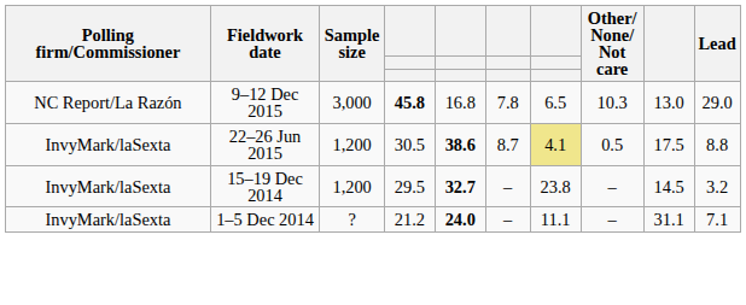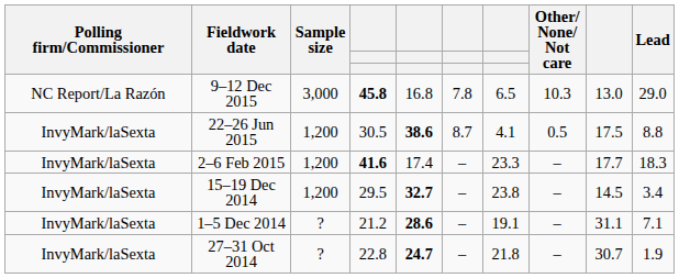 <table class="wikitable collapsible collapsed" style="text-align:center; font-size:90%; line-height:14px;">
 <tr style="height:42px;">
 <th style="width:250px;" rowspan="3">Polling firm/Commissioner</th>
 <th style="width:125px;" rowspan="3">Fieldwork date</th>
 <th style="width:50px;" rowspan="3">Sample size</th>
 <th style="width:55px;"></th>
 <th style="width:55px;"></th>
 <th style="width:55px;"></th>
 <th style="width:55px;"></th>
 <th style="width:55px;" rowspan="3">Other/<br>None/<br>Not<br>care</th>
 <th style="width:55px;" rowspan="3"></th>
 <th style="width:30px;" rowspan="3">Lead</th>
 </tr>
 <tr>
 <th style="color:inherit;background:"></th>
 <th style="color:inherit;background:"></th>
 <th style="color:inherit;background:"></th>
 <th style="color:inherit;background:"></th>
 </tr>
 <tr>
 <th></th>
 <th></th>
 <th></th>
 <th></th>
 </tr>
 <tr>
 <td>NC Report/La Razón</td>
 <td>9–12 Dec 2015</td>
 <td>3,000</td>
 <td><strong>45.8</strong></td>
 <td>16.8</td>
 <td>7.8</td>
 <td>6.5</td>
 <td>10.3</td>
 <td>13.0</td>
 <td style="background:">29.0</td>
 </tr>
 <tr>
 <td>InvyMark/laSexta</td>
 <td>22–26 Jun 2015</td>
 <td>1,200</td>
 <td>30.5</td>
 <td><strong>38.6</strong></td>
 <td>8.7</td>
-<td style="background: khaki;">4.1</td>
+<td>4.1</td>
 <td>0.5</td>
 <td>17.5</td>
 <td style="background:">8.8</td>
+</tr>
+<tr>
+<td>InvyMark/laSexta</td>
+<td>2–6 Feb 2015</td>
+<td>1,200</td>
+<td><strong>41.6</strong></td>
+<td>17.4</td>
+<td>–</td>
+<td>23.3</td>
+<td>–</td>
+<td>17.7</td>
+<td style="background:">18.3</td>
 </tr>
 <tr>
 <td>InvyMark/laSexta</td>
 <td>15–19 Dec 2014</td>
 <td>1,200</td>
 <td>29.5</td>
 <td><strong>32.7</strong></td>
 <td>–</td>
 <td>23.8</td>
 <td>–</td>
 <td>14.5</td>
-<td style="background:">3.2</td>
+<td style="background:">3.4</td>
 </tr>
 <tr>
 <td>InvyMark/laSexta</td>
 <td>1–5 Dec 2014</td>
 <td>?</td>
 <td>21.2</td>
-<td><strong>24.0</strong></td>
+<td><strong>28.6</strong></td>
 <td>–</td>
-<td>11.1</td>
+<td>19.1</td>
 <td>–</td>
 <td>31.1</td>
 <td style="background:">7.1</td>
 </tr>
+<tr>
+<td>InvyMark/laSexta</td>
+<td>27–31 Oct 2014</td>
+<td>?</td>
+<td>22.8</td>
+<td><strong>24.7</strong></td>
+<td>–</td>
+<td>21.8</td>
+<td>–</td>
+<td>30.7</td>
+<td style="background:">1.9</td>
+</tr>
 </table>
